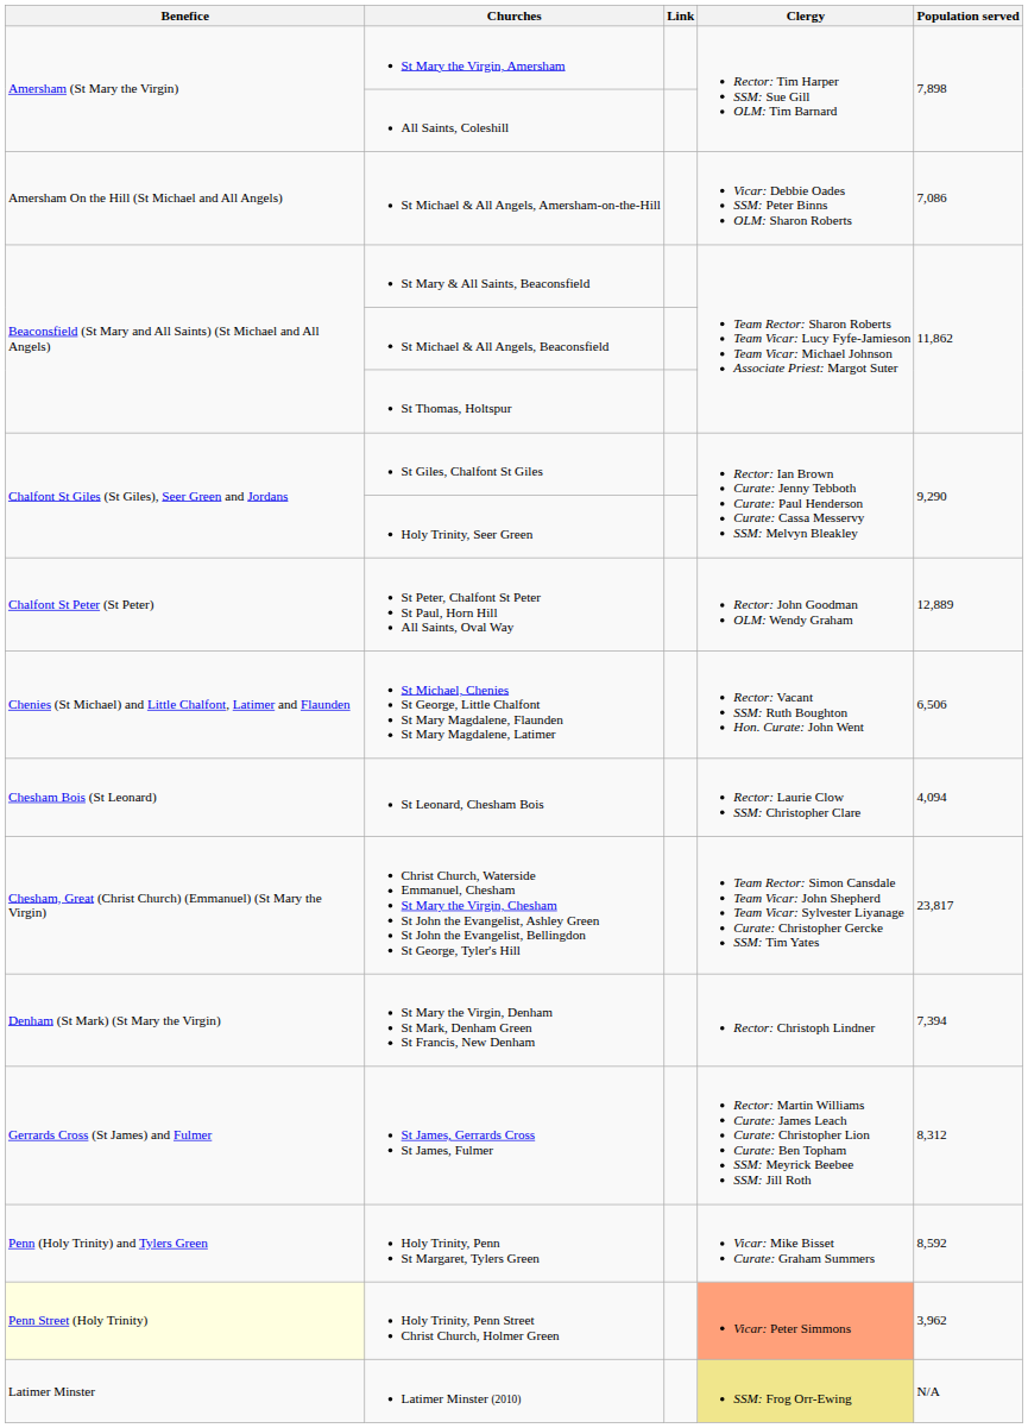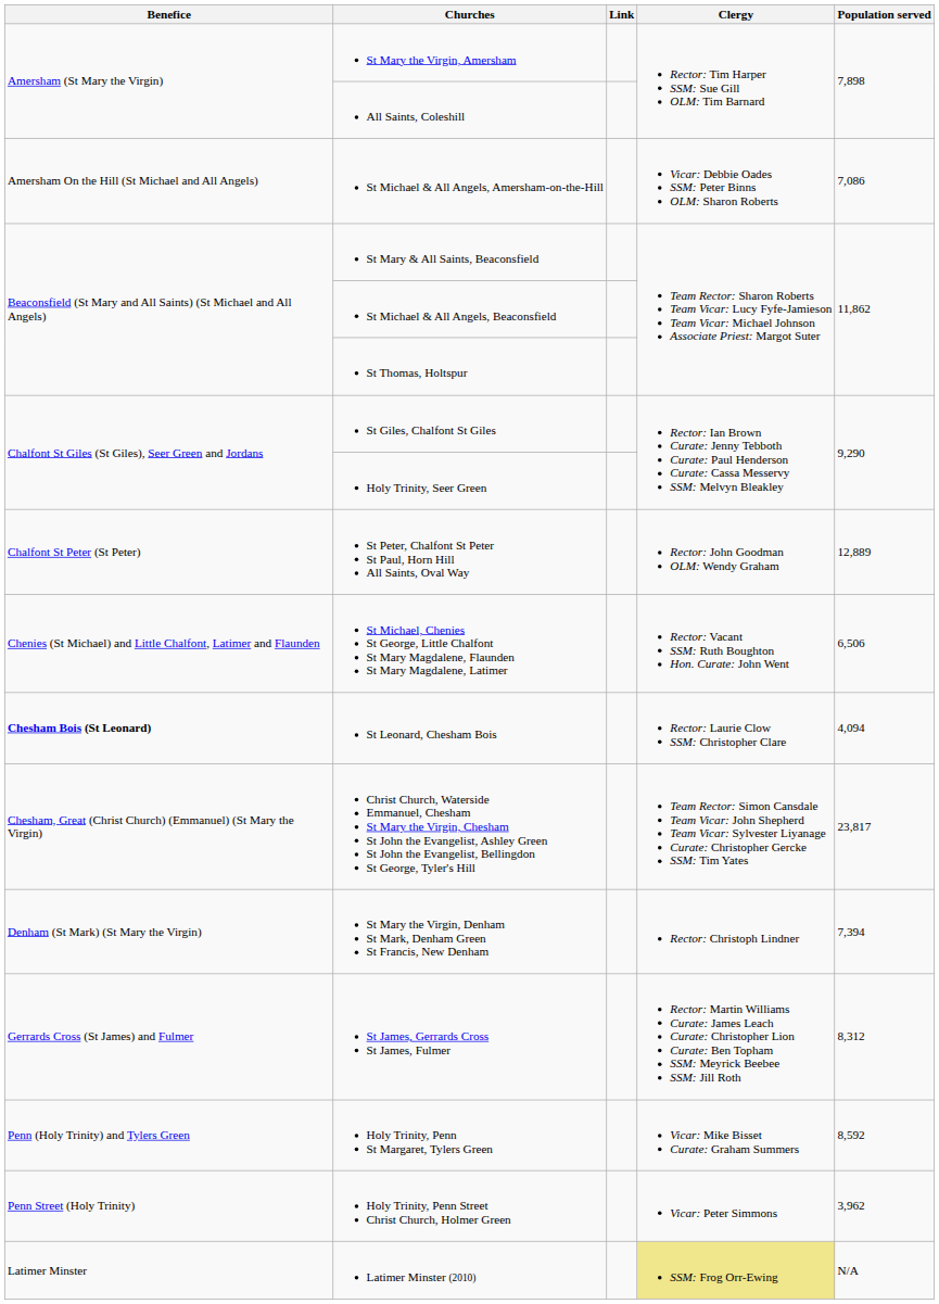 <table class="wikitable">
 <tr>
 <th width="425">Benefice</th>
 <th>Churches</th>
 <th>Link</th>
 <th>Clergy</th>
 <th>Population served</th>
 </tr>
 <tr>
 <td rowspan="2"><a href='#'>Amersham</a> (St Mary the Virgin)</td>
 <td><br><ul><li><a href='#'>St Mary the Virgin, Amersham</a></li></ul></td>
 <td></td>
 <td rowspan="2"><br><ul><li><em>Rector:</em> Tim Harper</li><li><em>SSM:</em> Sue Gill</li><li><em>OLM:</em> Tim Barnard</li></ul></td>
 <td rowspan="2">7,898</td>
 </tr>
 <tr>
 <td><br><ul><li>All Saints, Coleshill</li></ul></td>
 <td></td>
 </tr>
 <tr>
 <td>Amersham On the Hill (St Michael and All Angels)</td>
 <td><br><ul><li>St Michael & All Angels, Amersham-on-the-Hill</li></ul></td>
 <td></td>
 <td><br><ul><li><em>Vicar:</em> Debbie Oades</li><li><em>SSM:</em> Peter Binns</li><li><em>OLM:</em> Sharon Roberts</li></ul></td>
 <td>7,086</td>
 </tr>
 <tr>
 <td rowspan="3"><a href='#'>Beaconsfield</a> (St Mary and All Saints) (St Michael and All Angels)</td>
 <td><br><ul><li>St Mary & All Saints, Beaconsfield</li></ul></td>
 <td></td>
 <td rowspan="3"><br><ul><li><em>Team Rector:</em> Sharon Roberts</li><li><em>Team Vicar:</em> Lucy Fyfe-Jamieson</li><li><em>Team Vicar:</em> Michael Johnson</li><li><em>Associate Priest:</em> Margot Suter</li></ul></td>
 <td rowspan="3">11,862</td>
 </tr>
 <tr>
 <td><br><ul><li>St Michael & All Angels, Beaconsfield</li></ul></td>
 <td></td>
 </tr>
 <tr>
 <td><br><ul><li>St Thomas, Holtspur</li></ul></td>
 <td></td>
 </tr>
 <tr>
 <td rowspan="2"><a href='#'>Chalfont St Giles</a> (St Giles), <a href='#'>Seer Green</a> and <a href='#'>Jordans</a></td>
 <td><br><ul><li>St Giles, Chalfont St Giles</li></ul></td>
 <td></td>
 <td rowspan="2"><br><ul><li><em>Rector:</em> Ian Brown</li><li><em>Curate:</em> Jenny Tebboth</li><li><em>Curate:</em> Paul Henderson</li><li><em>Curate:</em> Cassa Messervy</li><li><em>SSM:</em> Melvyn Bleakley</li></ul></td>
 <td rowspan="2">9,290</td>
 </tr>
 <tr>
 <td><br><ul><li>Holy Trinity, Seer Green</li></ul></td>
 <td></td>
 </tr>
 <tr>
 <td><a href='#'>Chalfont St Peter</a> (St Peter)</td>
 <td><br><ul><li>St Peter, Chalfont St Peter</li><li>St Paul, Horn Hill</li><li>All Saints, Oval Way</li></ul></td>
 <td></td>
 <td><br><ul><li><em>Rector:</em> John Goodman</li><li><em>OLM:</em> Wendy Graham</li></ul></td>
 <td>12,889</td>
 </tr>
 <tr>
 <td><a href='#'>Chenies</a> (St Michael) and <a href='#'>Little Chalfont</a>, <a href='#'>Latimer</a> and <a href='#'>Flaunden</a></td>
 <td><br><ul><li><a href='#'>St Michael, Chenies</a></li><li>St George, Little Chalfont</li><li>St Mary Magdalene, Flaunden</li><li>St Mary Magdalene, Latimer</li></ul></td>
 <td></td>
 <td><br><ul><li><em>Rector:</em> Vacant</li><li><em>SSM:</em> Ruth Boughton</li><li><em>Hon. Curate:</em> John Went</li></ul></td>
 <td>6,506</td>
 </tr>
 <tr>
-<td><a href='#'>Chesham Bois</a> (St Leonard)</td>
+<td><strong><a href='#'>Chesham Bois</a> (St Leonard)</strong></td>
 <td><br><ul><li>St Leonard, Chesham Bois</li></ul></td>
 <td></td>
 <td><br><ul><li><em>Rector:</em> Laurie Clow</li><li><em>SSM:</em> Christopher Clare</li></ul></td>
 <td>4,094</td>
 </tr>
 <tr>
 <td><a href='#'>Chesham, Great</a> (Christ Church) (Emmanuel) (St Mary the Virgin)</td>
 <td><br><ul><li>Christ Church, Waterside </li><li>Emmanuel, Chesham </li><li><a href='#'>St Mary the Virgin, Chesham</a> </li><li>St John the Evangelist, Ashley Green </li><li>St John the Evangelist, Bellingdon</li><li>St George, Tyler's Hill </li></ul></td>
 <td></td>
 <td><br><ul><li><em>Team Rector:</em> Simon Cansdale</li><li><em>Team Vicar:</em> John Shepherd</li><li><em>Team Vicar:</em> Sylvester Liyanage</li><li><em>Curate:</em> Christopher Gercke</li><li><em>SSM:</em> Tim Yates</li></ul></td>
 <td>23,817</td>
 </tr>
 <tr>
 <td><a href='#'>Denham</a> (St Mark) (St Mary the Virgin)</td>
 <td><br><ul><li>St Mary the Virgin, Denham</li><li>St Mark, Denham Green</li><li>St Francis, New Denham</li></ul></td>
 <td></td>
 <td><br><ul><li><em>Rector:</em> Christoph Lindner</li></ul></td>
 <td>7,394</td>
 </tr>
 <tr>
 <td><a href='#'>Gerrards Cross</a> (St James) and <a href='#'>Fulmer</a></td>
 <td><br><ul><li><a href='#'>St James, Gerrards Cross</a></li><li>St James, Fulmer</li></ul></td>
 <td></td>
 <td><br><ul><li><em>Rector:</em> Martin Williams</li><li><em>Curate:</em> James Leach</li><li><em>Curate:</em> Christopher Lion</li><li><em>Curate:</em> Ben Topham</li><li><em>SSM:</em> Meyrick Beebee</li><li><em>SSM:</em> Jill Roth</li></ul></td>
 <td>8,312</td>
 </tr>
 <tr>
 <td><a href='#'>Penn</a> (Holy Trinity) and <a href='#'>Tylers Green</a></td>
 <td><br><ul><li>Holy Trinity, Penn</li><li>St Margaret, Tylers Green</li></ul></td>
 <td></td>
 <td><br><ul><li><em>Vicar:</em> Mike Bisset</li><li><em>Curate:</em> Graham Summers</li></ul></td>
 <td>8,592</td>
 </tr>
 <tr>
-<td style="background: lightyellow;"><a href='#'>Penn Street</a> (Holy Trinity)</td>
+<td><a href='#'>Penn Street</a> (Holy Trinity)</td>
 <td><br><ul><li>Holy Trinity, Penn Street</li><li>Christ Church, Holmer Green</li></ul></td>
 <td></td>
-<td style="background: lightsalmon;"><br><ul><li><em>Vicar:</em> Peter Simmons</li></ul></td>
+<td><br><ul><li><em>Vicar:</em> Peter Simmons</li></ul></td>
 <td>3,962</td>
 </tr>
 <tr>
 <td>Latimer Minster</td>
 <td><br><ul><li>Latimer Minster <small>(2010)</small></li></ul></td>
 <td></td>
 <td style="background: khaki;"><br><ul><li><em>SSM:</em> Frog Orr-Ewing</li></ul></td>
 <td>N/A</td>
 </tr>
 </table>
